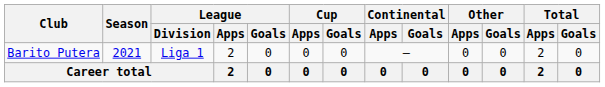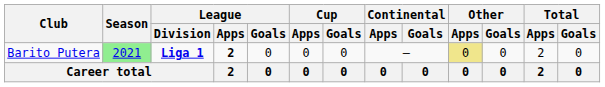 <table class="wikitable" style="text-align: center">
 <tr>
 <th rowspan="2">Club</th>
 <th rowspan="2">Season</th>
 <th colspan="3">League</th>
 <th colspan="2">Cup</th>
 <th colspan="2">Continental</th>
 <th colspan="2">Other</th>
 <th colspan="2">Total</th>
 </tr>
 <tr>
 <th>Division</th>
 <th>Apps</th>
 <th>Goals</th>
 <th>Apps</th>
 <th>Goals</th>
 <th>Apps</th>
 <th>Goals</th>
 <th>Apps</th>
 <th>Goals</th>
 <th>Apps</th>
 <th>Goals</th>
 </tr>
 <tr>
 <td rowspan="1"><a href='#'>Barito Putera</a></td>
-<td><a href='#'>2021</a></td>
-<td rowspan="1" valign="center"><a href='#'>Liga 1</a></td>
-<td>2</td>
+<td style="background: lightgreen;"><a href='#'>2021</a></td>
+<td rowspan="1" valign="center"><strong><a href='#'>Liga 1</a></strong></td>
+<td><strong>2</strong></td>
 <td>0</td>
 <td>0</td>
 <td>0</td>
 <td colspan="2">–</td>
-<td>0</td>
+<td style="background: khaki;">0</td>
 <td>0</td>
 <td>2</td>
 <td>0</td>
 </tr>
 <tr>
 <th colspan=3>Career total</th>
 <th>2</th>
 <th>0</th>
 <th>0</th>
 <th>0</th>
 <th>0</th>
 <th>0</th>
 <th>0</th>
 <th>0</th>
 <th>2</th>
 <th>0</th>
 </tr>
 </table>
